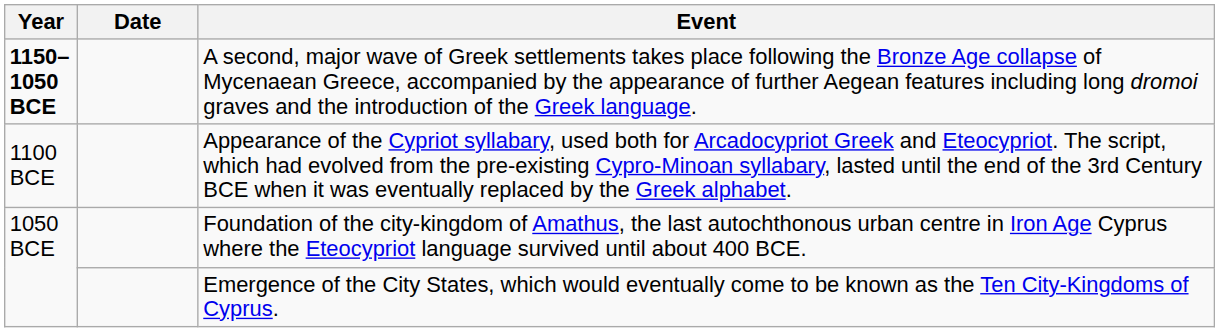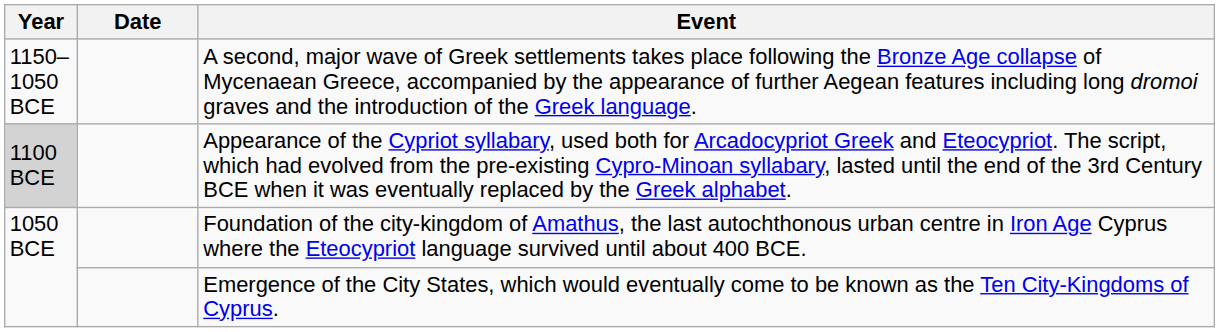 <table class="wikitable" width="100%">
 <tr>
 <th style="width:6%">Year</th>
 <th style="width:10%">Date</th>
 <th>Event</th>
 </tr>
 <tr>
-<td><strong>1150–1050 BCE</strong></td>
+<td>1150–1050 BCE</td>
 <td></td>
 <td>A second, major wave of Greek settlements takes place following the <a href='#'>Bronze Age collapse</a> of Mycenaean Greece, accompanied by the appearance of further Aegean features including long <em>dromoi</em> graves and the introduction of the <a href='#'>Greek language</a>.</td>
 </tr>
 <tr>
-<td>1100 BCE</td>
+<td style="background: lightgrey;">1100 BCE</td>
 <td></td>
 <td>Appearance of the <a href='#'>Cypriot syllabary</a>, used both for <a href='#'>Arcadocypriot Greek</a> and <a href='#'>Eteocypriot</a>. The script, which had evolved from the pre-existing <a href='#'>Cypro-Minoan syllabary</a>, lasted until the end of the 3rd Century BCE when it was eventually replaced by the <a href='#'>Greek alphabet</a>.</td>
 </tr>
 <tr>
 <td rowspan="2" style="vertical-align:top">1050 BCE</td>
 <td></td>
 <td>Foundation of the city-kingdom of <a href='#'>Amathus</a>, the last autochthonous urban centre in <a href='#'>Iron Age</a> Cyprus where the <a href='#'>Eteocypriot</a> language survived until about 400 BCE.</td>
 </tr>
 <tr>
 <td></td>
 <td>Emergence of the City States, which would eventually come to be known as the <a href='#'>Ten City-Kingdoms of Cyprus</a>.</td>
 </tr>
 </table>
